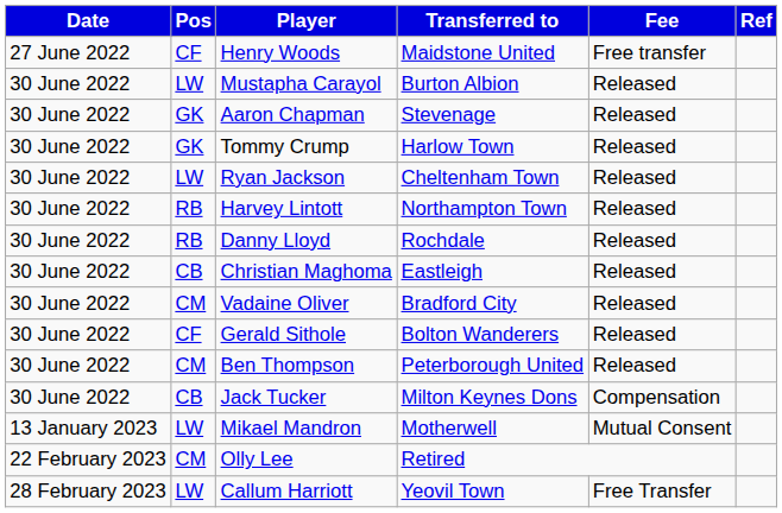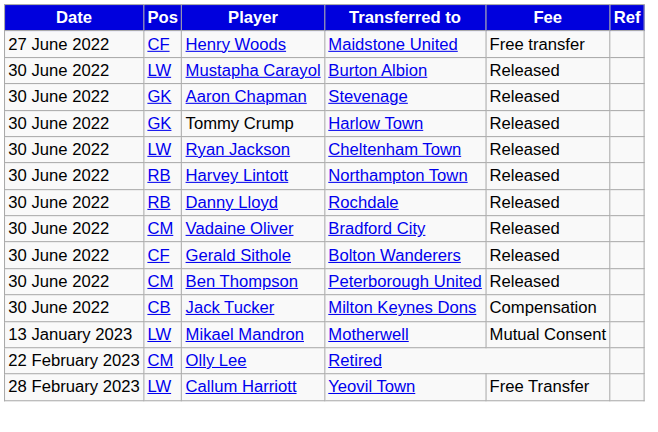 <table class="wikitable plainrowheaders sortable">
 <tr>
 <th style="background:#0000dd; color:#fff; ">Date</th>
 <th style="background:#0000dd; color:#fff; ">Pos</th>
 <th style="background:#0000dd; color:#fff; ">Player</th>
 <th style="background:#0000dd; color:#fff; ">Transferred to</th>
 <th style="background:#0000dd; color:#fff; ">Fee</th>
 <th style="background:#0000dd; color:#fff; ">Ref</th>
 </tr>
 <tr>
 <td>27 June 2022</td>
 <td><a href='#'>CF</a></td>
 <td> <a href='#'>Henry Woods</a></td>
 <td> <a href='#'>Maidstone United</a></td>
 <td>Free transfer</td>
 <td></td>
 </tr>
 <tr>
 <td>30 June 2022</td>
 <td><a href='#'>LW</a></td>
 <td> <a href='#'>Mustapha Carayol</a></td>
 <td> <a href='#'>Burton Albion</a></td>
 <td>Released</td>
 <td></td>
 </tr>
 <tr>
 <td>30 June 2022</td>
 <td><a href='#'>GK</a></td>
 <td> <a href='#'>Aaron Chapman</a></td>
 <td> <a href='#'>Stevenage</a></td>
 <td>Released</td>
 <td></td>
 </tr>
 <tr>
 <td>30 June 2022</td>
 <td><a href='#'>GK</a></td>
 <td> Tommy Crump</td>
 <td> <a href='#'>Harlow Town</a></td>
 <td>Released</td>
 <td></td>
 </tr>
 <tr>
 <td>30 June 2022</td>
 <td><a href='#'>LW</a></td>
 <td> <a href='#'>Ryan Jackson</a></td>
 <td> <a href='#'>Cheltenham Town</a></td>
 <td>Released</td>
 <td></td>
 </tr>
 <tr>
 <td>30 June 2022</td>
 <td><a href='#'>RB</a></td>
 <td> <a href='#'>Harvey Lintott</a></td>
 <td> <a href='#'>Northampton Town</a></td>
 <td>Released</td>
 <td></td>
 </tr>
 <tr>
 <td>30 June 2022</td>
 <td><a href='#'>RB</a></td>
 <td> <a href='#'>Danny Lloyd</a></td>
 <td> <a href='#'>Rochdale</a></td>
 <td>Released</td>
 <td></td>
 </tr>
 <tr>
 <td>30 June 2022</td>
-<td><a href='#'>CB</a></td>
-<td> <a href='#'>Christian Maghoma</a></td>
-<td> <a href='#'>Eastleigh</a></td>
-<td>Released</td>
-<td></td>
-</tr>
-<tr>
-<td>30 June 2022</td>
 <td><a href='#'>CM</a></td>
 <td> <a href='#'>Vadaine Oliver</a></td>
 <td> <a href='#'>Bradford City</a></td>
 <td>Released</td>
 <td></td>
 </tr>
 <tr>
 <td>30 June 2022</td>
 <td><a href='#'>CF</a></td>
 <td> <a href='#'>Gerald Sithole</a></td>
 <td> <a href='#'>Bolton Wanderers</a></td>
 <td>Released</td>
 <td></td>
 </tr>
 <tr>
 <td>30 June 2022</td>
 <td><a href='#'>CM</a></td>
 <td> <a href='#'>Ben Thompson</a></td>
 <td> <a href='#'>Peterborough United</a></td>
 <td>Released</td>
 <td></td>
 </tr>
 <tr>
 <td>30 June 2022</td>
 <td><a href='#'>CB</a></td>
 <td> <a href='#'>Jack Tucker</a></td>
 <td> <a href='#'>Milton Keynes Dons</a></td>
 <td>Compensation</td>
 <td></td>
 </tr>
 <tr>
 <td>13 January 2023</td>
 <td><a href='#'>LW</a></td>
 <td> <a href='#'>Mikael Mandron</a></td>
 <td> <a href='#'>Motherwell</a></td>
 <td>Mutual Consent</td>
 <td></td>
 </tr>
 <tr>
 <td>22 February 2023</td>
 <td><a href='#'>CM</a></td>
 <td> <a href='#'>Olly Lee</a></td>
 <td colspan="2"><a href='#'>Retired</a></td>
 <td></td>
 </tr>
 <tr>
 <td>28 February 2023</td>
 <td><a href='#'>LW</a></td>
 <td> <a href='#'>Callum Harriott</a></td>
 <td> <a href='#'>Yeovil Town</a></td>
 <td>Free Transfer</td>
 <td></td>
 </tr>
 </table>
